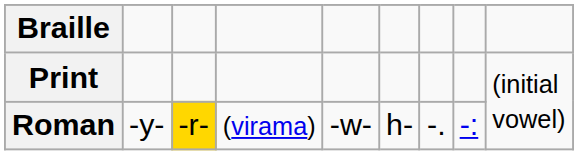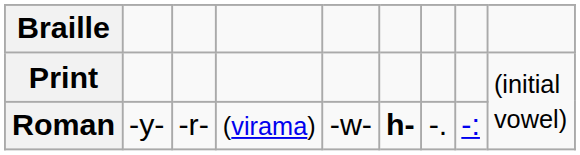 <table class="wikitable">
 <tr>
 <th>Braille</th>
 <td></td>
 <td></td>
 <td></td>
 <td></td>
 <td></td>
 <td></td>
 <td></td>
 <td></td>
 </tr>
 <tr>
 <th>Print</th>
 <td><big></big></td>
 <td><big></big></td>
 <td><big></big></td>
 <td><big></big></td>
 <td><big></big></td>
 <td><big></big></td>
 <td><big></big></td>
 <td rowspan=2><small>(initial<br>vowel)</small></td>
 </tr>
 <tr>
 <th>Roman</th>
 <td>-y-</td>
-<td style="background: gold;">-r-</td>
+<td>-r-</td>
 <td><small>(<a href='#'>virama</a>)</small></td>
 <td>-w-</td>
-<td>h-</td>
+<td><strong>h-</strong></td>
 <td>-.</td>
 <td><a href='#'>-:</a></td>
 </tr>
 </table>
